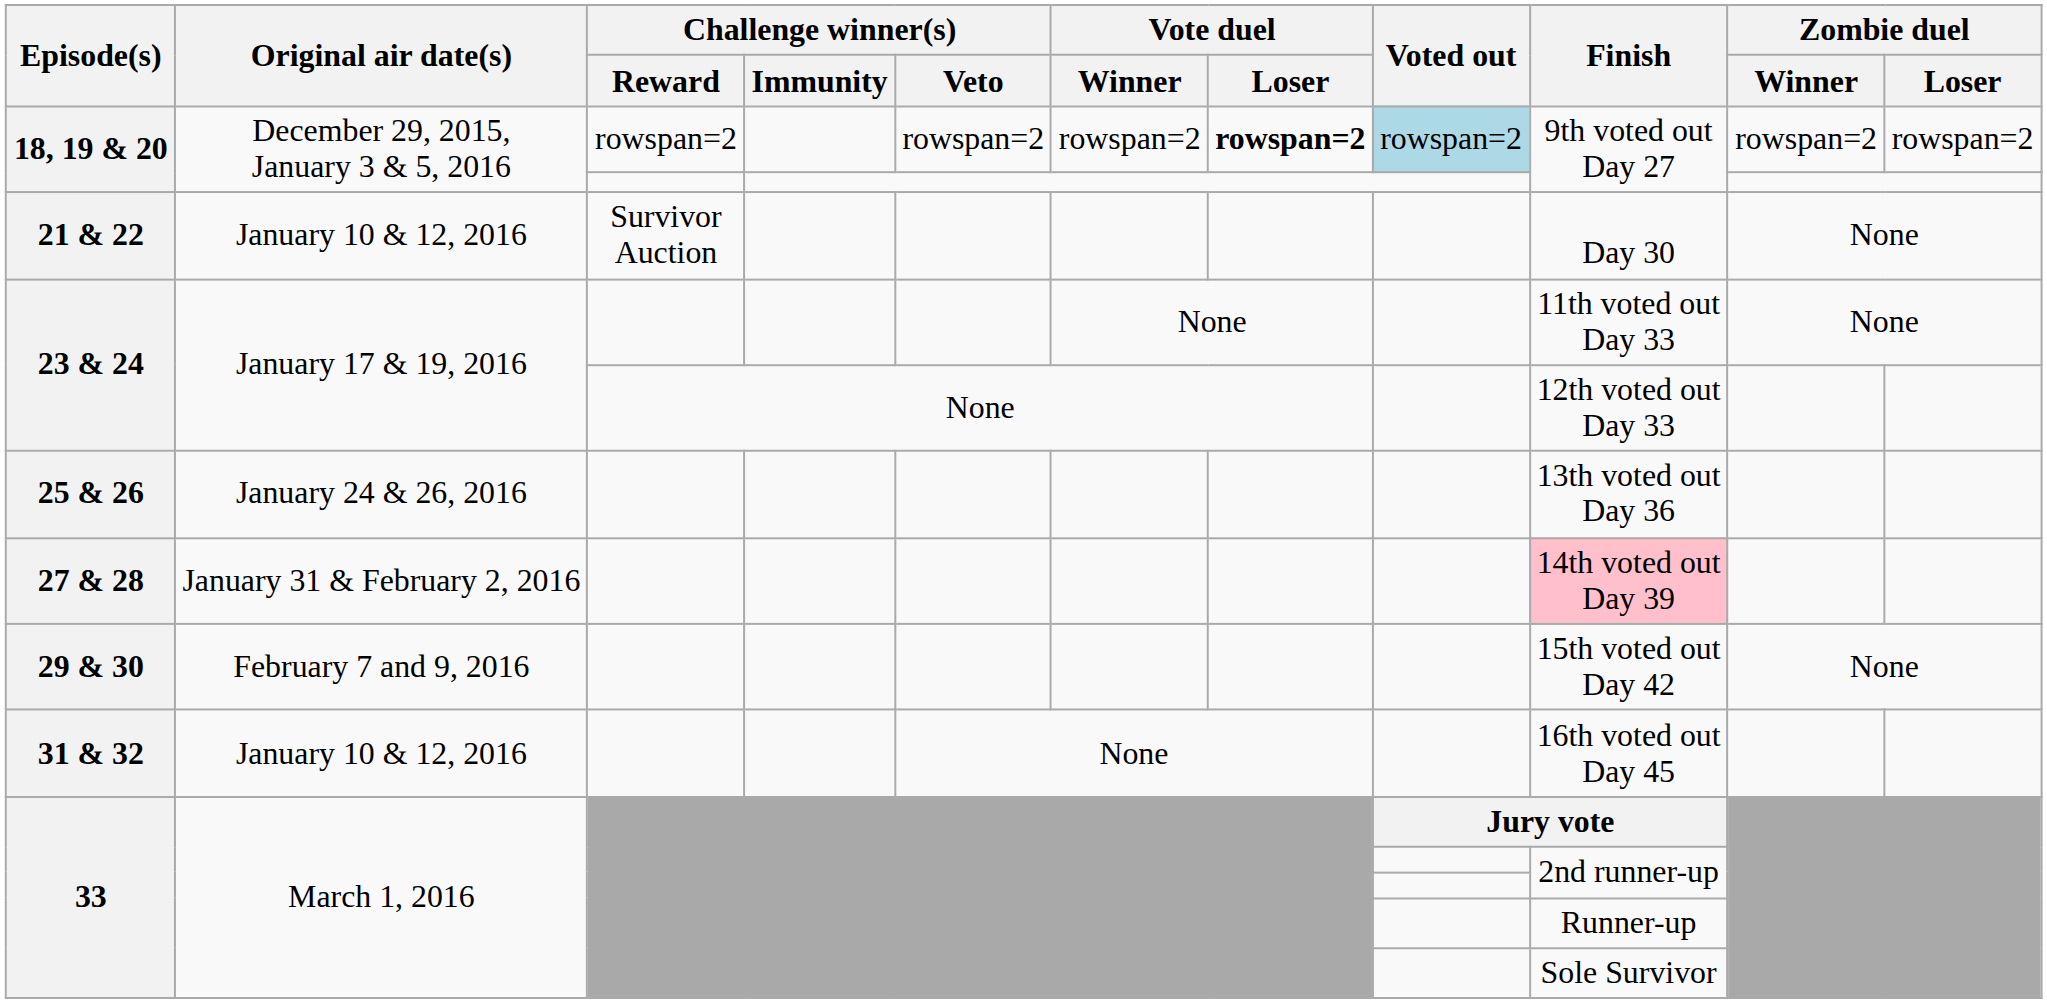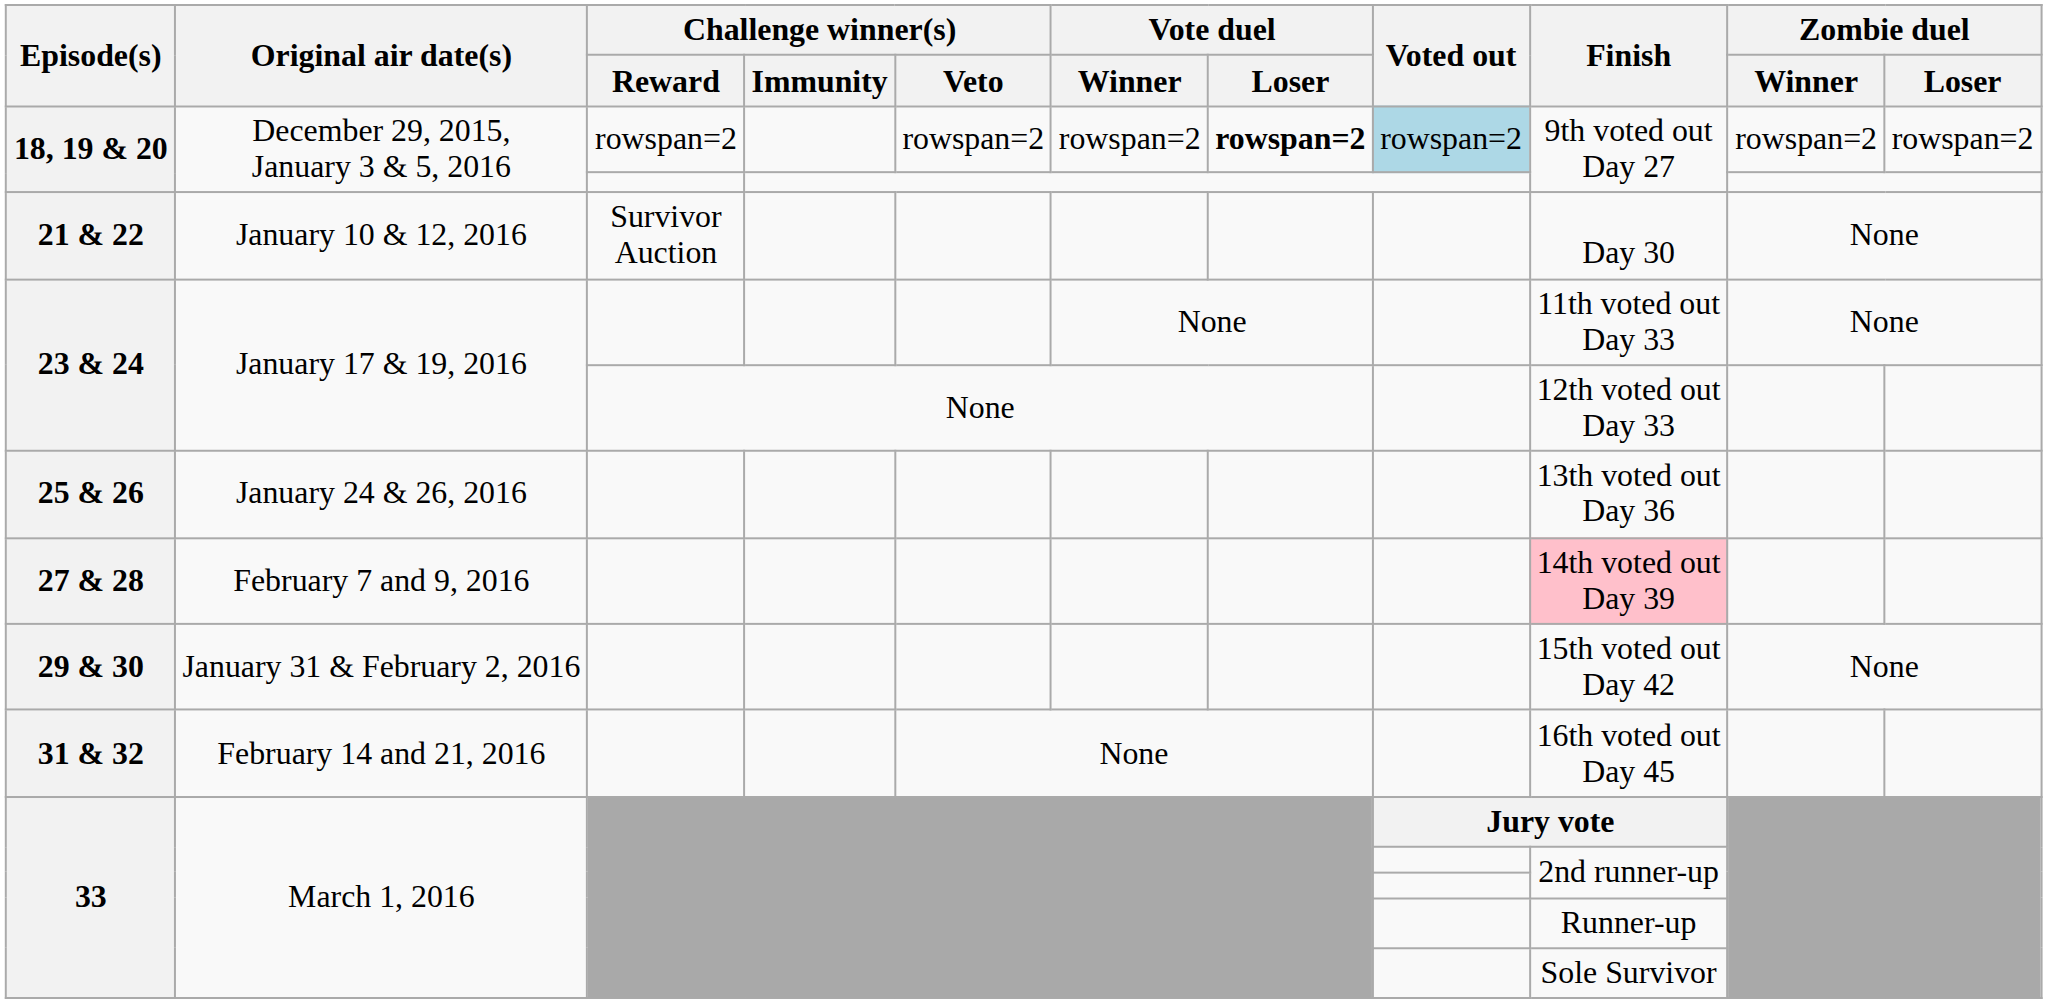 <table class="wikitable nowrap" style="margin:auto; text-align:center">
 <tr>
 <th rowspan="2">Episode(s)</th>
 <th rowspan="2">Original air date(s)</th>
 <th colspan="3">Challenge winner(s)</th>
 <th colspan="2">Vote duel</th>
 <th rowspan="2">Voted out</th>
 <th rowspan="2">Finish</th>
 <th colspan="2">Zombie duel</th>
 </tr>
 <tr>
 <th>Reward</th>
 <th>Immunity</th>
 <th>Veto</th>
 <th>Winner</th>
 <th>Loser</th>
 <th>Winner</th>
 <th>Loser</th>
 </tr>
 <tr>
 <th rowspan=2>18, 19 & 20</th>
 <td rowspan=2>December 29, 2015,<br>January 3 & 5, 2016</td>
 <td>rowspan=2 </td>
 <td></td>
 <td>rowspan=2 </td>
 <td>rowspan=2 </td>
 <td><strong>rowspan=2 </strong></td>
 <td style="background: lightblue;">rowspan=2 </td>
 <td rowspan=2>9th voted out<br>Day 27</td>
 <td>rowspan=2 </td>
 <td>rowspan=2 </td>
 </tr>
 <tr>
 <td></td>
 </tr>
 <tr>
 <th>21 & 22</th>
 <td>January 10 & 12, 2016</td>
 <td>Survivor<br>Auction</td>
 <td></td>
 <td></td>
 <td></td>
 <td></td>
 <td></td>
 <td><br>Day 30</td>
 <td colspan="2">None</td>
 </tr>
 <tr>
 <th rowspan="2">23 & 24</th>
 <td rowspan="2">January 17 & 19, 2016</td>
 <td></td>
 <td></td>
 <td></td>
 <td colspan="2">None</td>
 <td></td>
 <td>11th voted out<br>Day 33</td>
 <td colspan="2">None</td>
 </tr>
 <tr>
 <td colspan="5">None</td>
 <td></td>
 <td>12th voted out<br>Day 33</td>
 <td></td>
 <td></td>
 </tr>
 <tr>
 <th>25 & 26</th>
 <td>January 24 & 26, 2016</td>
 <td></td>
 <td></td>
 <td></td>
 <td></td>
 <td></td>
 <td></td>
 <td>13th voted out<br>Day 36</td>
 <td></td>
 <td></td>
 </tr>
 <tr>
 <th>27 & 28</th>
-<td>January 31 & February 2, 2016</td>
+<td>February 7 and 9, 2016</td>
 <td></td>
 <td></td>
 <td></td>
 <td></td>
 <td></td>
 <td></td>
 <td style="background: pink;">14th voted out<br>Day 39</td>
 <td></td>
 <td></td>
 </tr>
 <tr>
 <th>29 & 30</th>
-<td>February 7 and 9, 2016</td>
+<td>January 31 & February 2, 2016</td>
 <td></td>
 <td></td>
 <td></td>
 <td></td>
 <td></td>
 <td></td>
 <td>15th voted out<br>Day 42</td>
 <td colspan="2">None</td>
 </tr>
 <tr>
 <th>31 & 32</th>
-<td>January 10 & 12, 2016</td>
+<td>February 14 and 21, 2016</td>
 <td></td>
 <td></td>
 <td colspan="3">None</td>
 <td></td>
 <td>16th voted out<br>Day 45</td>
 <td></td>
 <td></td>
 </tr>
 <tr>
 <th rowspan="5">33</th>
 <td rowspan="5">March 1, 2016</td>
 <td rowspan="5" colspan="5" bgcolor="darkgrey"></td>
 <th colspan="2">Jury vote</th>
 <td rowspan="5" colspan="2" bgcolor="darkgrey"></td>
 </tr>
 <tr>
 <td></td>
 <td rowspan="2">2nd runner-up</td>
 </tr>
 <tr>
 <td></td>
 </tr>
 <tr>
 <td></td>
 <td>Runner-up</td>
 </tr>
 <tr>
 <td></td>
 <td>Sole Survivor</td>
 </tr>
 </table>
